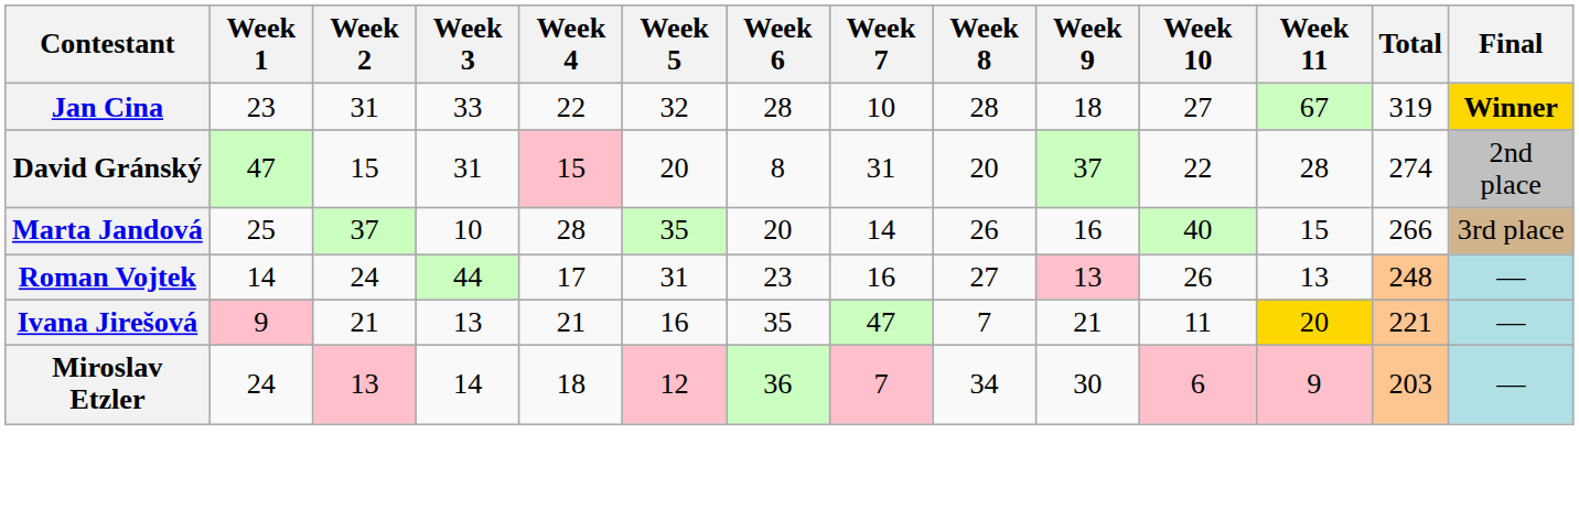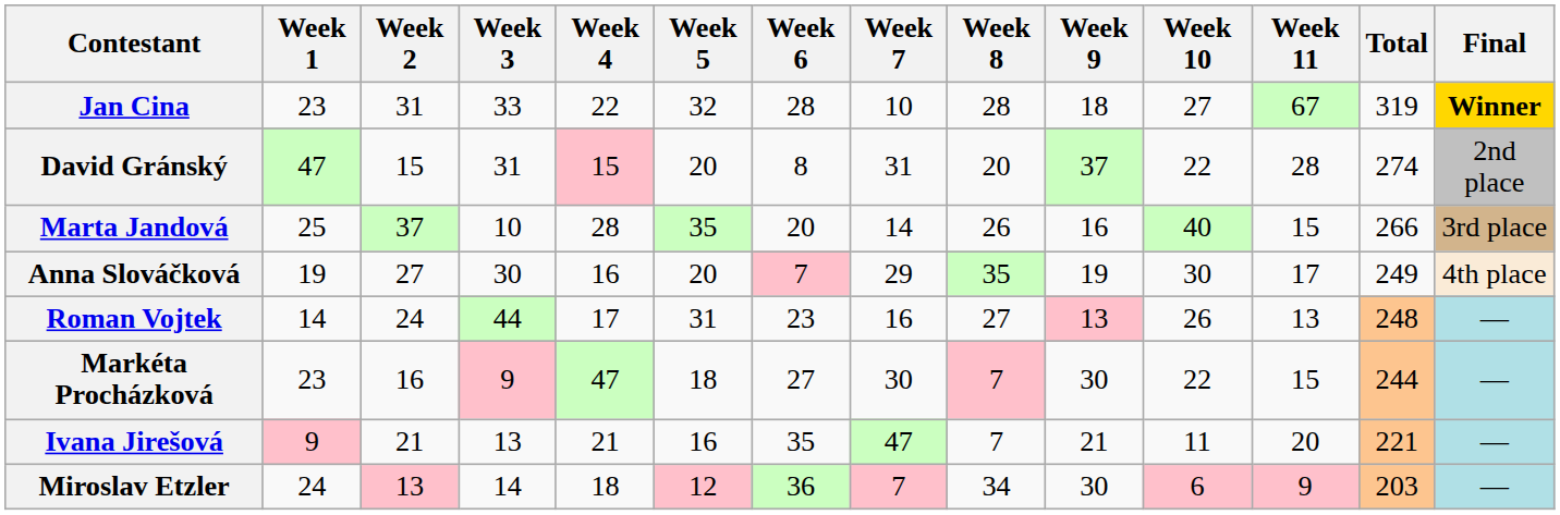 <table class="wikitable sortable" style="text-align:center">
 <tr>
 <th>Contestant</th>
 <th>Week 1</th>
 <th>Week 2</th>
 <th>Week 3</th>
 <th>Week 4</th>
 <th>Week 5</th>
 <th>Week 6</th>
 <th>Week 7</th>
 <th>Week 8</th>
 <th>Week 9</th>
 <th>Week 10</th>
 <th>Week 11</th>
 <th>Total</th>
 <th>Final</th>
 </tr>
 <tr>
 <th><a href='#'>Jan Cina</a></th>
 <td>23</td>
 <td>31</td>
 <td>33</td>
 <td>22</td>
 <td>32</td>
 <td>28</td>
 <td>10</td>
 <td>28</td>
 <td>18</td>
 <td>27</td>
 <td style="background:#cbffc0">67</td>
 <td>319</td>
 <td style="background:gold"><strong>Winner</strong></td>
 </tr>
 <tr>
 <th>David Gránský</th>
 <td style="background:#cbffc0">47</td>
 <td>15</td>
 <td>31</td>
 <td style="background:pink">15</td>
 <td>20</td>
 <td>8</td>
 <td>31</td>
 <td>20</td>
 <td style="background:#cbffc0">37</td>
 <td>22</td>
 <td>28</td>
 <td>274</td>
 <td style="background:silver">2nd place</td>
 </tr>
 <tr>
 <th><a href='#'>Marta Jandová</a></th>
 <td>25</td>
 <td style="background:#cbffc0">37</td>
 <td>10</td>
 <td>28</td>
 <td style="background:#cbffc0">35</td>
 <td>20</td>
 <td>14</td>
 <td>26</td>
 <td>16</td>
 <td style="background:#cbffc0">40</td>
 <td>15</td>
 <td>266</td>
 <td style="background:tan">3rd place</td>
 </tr>
 <tr>
+<th>Anna Slováčková</th>
+<td>19</td>
+<td>27</td>
+<td>30</td>
+<td>16</td>
+<td>20</td>
+<td style="background:pink">7</td>
+<td>29</td>
+<td style="background:#cbffc0">35</td>
+<td>19</td>
+<td>30</td>
+<td>17</td>
+<td>249</td>
+<td style="background:antiquewhite;">4th place</td>
+</tr>
+<tr>
 <th><a href='#'>Roman Vojtek</a></th>
 <td>14</td>
 <td>24</td>
 <td style="background:#cbffc0">44</td>
 <td>17</td>
 <td>31</td>
 <td>23</td>
 <td>16</td>
 <td>27</td>
 <td style="background:pink">13</td>
 <td>26</td>
 <td>13</td>
 <td style="background:#fdc58f;">248</td>
 <td style="background:#b0e0e6;">—</td>
 </tr>
 <tr>
+<th>Markéta Procházková</th>
+<td>23</td>
+<td>16</td>
+<td style="background:pink">9</td>
+<td style="background:#cbffc0">47</td>
+<td>18</td>
+<td>27</td>
+<td>30</td>
+<td data-sort-value=1; style="background:pink">7</td>
+<td>30</td>
+<td>22</td>
+<td>15</td>
+<td style="background:#fdc58f;">244</td>
+<td style="background:#b0e0e6;">—</td>
+</tr>
+<tr>
 <th><a href='#'>Ivana Jirešová</a></th>
 <td style="background:pink">9</td>
 <td>21</td>
 <td>13</td>
 <td>21</td>
 <td>16</td>
 <td>35</td>
 <td style="background:#cbffc0">47</td>
 <td>7</td>
 <td>21</td>
 <td>11</td>
-<td style="background: gold;">20</td>
+<td>20</td>
 <td style="background:#fdc58f;">221</td>
 <td style="background:#b0e0e6;">—</td>
 </tr>
 <tr>
 <th>Miroslav Etzler</th>
 <td>24</td>
 <td style="background:pink">13</td>
 <td>14</td>
 <td>18</td>
 <td style="background:pink">12</td>
 <td style="background:#cbffc0">36</td>
 <td style="background:pink">7</td>
 <td>34</td>
 <td>30</td>
 <td style="background:pink">6</td>
 <td style="background:pink">9</td>
 <td style="background:#fdc58f;">203</td>
 <td style="background:#b0e0e6;">—</td>
 </tr>
 </table>
